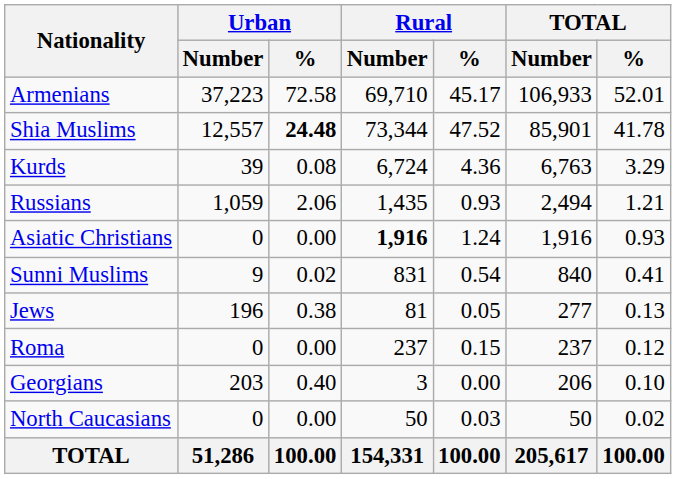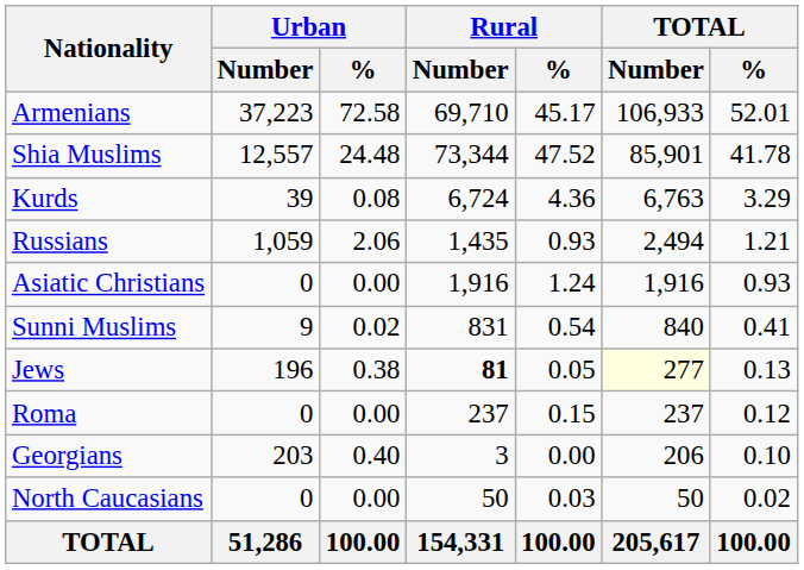 <table class="wikitable sortable">
 <tr>
 <th rowspan="2">Nationality</th>
 <th colspan="2"><a href='#'>Urban</a></th>
 <th colspan="2"><a href='#'>Rural</a></th>
 <th colspan="2">TOTAL</th>
 </tr>
 <tr>
 <th>Number</th>
 <th>%</th>
 <th>Number</th>
 <th>%</th>
 <th>Number</th>
 <th>%</th>
 </tr>
 <tr>
 <td><a href='#'>Armenians</a></td>
 <td align="right">37,223</td>
 <td align="right">72.58</td>
 <td align="right">69,710</td>
 <td align="right">45.17</td>
 <td align="right">106,933</td>
 <td align="right">52.01</td>
 </tr>
 <tr>
 <td><a href='#'>Shia Muslims</a></td>
 <td align="right">12,557</td>
-<td align="right"><strong>24.48</strong></td>
+<td align="right">24.48</td>
 <td align="right">73,344</td>
 <td align="right">47.52</td>
 <td align="right">85,901</td>
 <td align="right">41.78</td>
 </tr>
 <tr>
 <td><a href='#'>Kurds</a></td>
 <td align="right">39</td>
 <td align="right">0.08</td>
 <td align="right">6,724</td>
 <td align="right">4.36</td>
 <td align="right">6,763</td>
 <td align="right">3.29</td>
 </tr>
 <tr>
 <td><a href='#'>Russians</a></td>
 <td align="right">1,059</td>
 <td align="right">2.06</td>
 <td align="right">1,435</td>
 <td align="right">0.93</td>
 <td align="right">2,494</td>
 <td align="right">1.21</td>
 </tr>
 <tr>
 <td><a href='#'>Asiatic Christians</a></td>
 <td align="right">0</td>
 <td align="right">0.00</td>
-<td align="right"><strong>1,916</strong></td>
+<td align="right">1,916</td>
 <td align="right">1.24</td>
 <td align="right">1,916</td>
 <td align="right">0.93</td>
 </tr>
 <tr>
 <td><a href='#'>Sunni Muslims</a></td>
 <td align="right">9</td>
 <td align="right">0.02</td>
 <td align="right">831</td>
 <td align="right">0.54</td>
 <td align="right">840</td>
 <td align="right">0.41</td>
 </tr>
 <tr>
 <td><a href='#'>Jews</a></td>
 <td align="right">196</td>
 <td align="right">0.38</td>
-<td align="right">81</td>
+<td align="right"><strong>81</strong></td>
 <td align="right">0.05</td>
-<td align="right">277</td>
+<td align="right" style="background: lightyellow;">277</td>
 <td align="right">0.13</td>
 </tr>
 <tr>
 <td><a href='#'>Roma</a></td>
 <td align="right">0</td>
 <td align="right">0.00</td>
 <td align="right">237</td>
 <td align="right">0.15</td>
 <td align="right">237</td>
 <td align="right">0.12</td>
 </tr>
 <tr>
 <td><a href='#'>Georgians</a></td>
 <td align="right">203</td>
 <td align="right">0.40</td>
 <td align="right">3</td>
 <td align="right">0.00</td>
 <td align="right">206</td>
 <td align="right">0.10</td>
 </tr>
 <tr>
 <td><a href='#'>North Caucasians</a></td>
 <td align="right">0</td>
 <td align="right">0.00</td>
 <td align="right">50</td>
 <td align="right">0.03</td>
 <td align="right">50</td>
 <td align="right">0.02</td>
 </tr>
 <tr>
 <th>TOTAL</th>
 <th>51,286</th>
 <th>100.00</th>
 <th>154,331</th>
 <th>100.00</th>
 <th>205,617</th>
 <th>100.00</th>
 </tr>
 </table>
